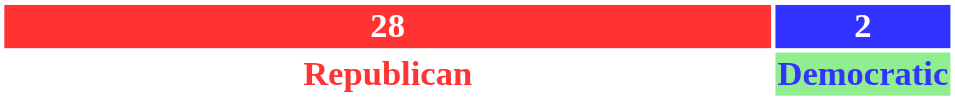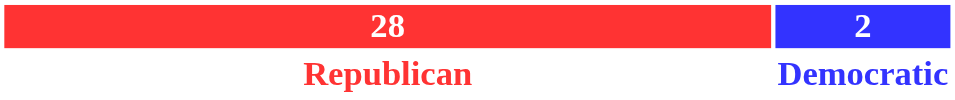 <table style="width:50%">
 <tr>
 <td scope="row" colspan="3" style="text-align:center"></td>
 </tr>
 <tr>
 <td scope="row" style="background:#F33; width:86%; text-align:center; color:white"><strong>28</strong></td>
 <td style="background:#33F; width:14%; text-align:center; color:white"><strong>2</strong></td>
 </tr>
 <tr>
 <td scope="row" style="text-align:center; color:#F33"><strong>Republican</strong></td>
-<td style="background: lightgreen; text-align:center; color:#33F"><strong>Democratic</strong></td>
+<td style="text-align:center; color:#33F"><strong>Democratic</strong></td>
 </tr>
 </table>
